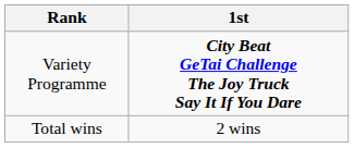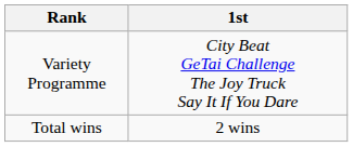 <table class="wikitable" border="1">
 <tr>
 <th width="110">Rank</th>
 <th width="200">1st</th>
 </tr>
 <tr align=center>
 <td>Variety Programme</td>
-<td><strong><em>City Beat</em><br> <em><a href='#'>GeTai Challenge</a></em> <br> <em>The Joy Truck</em> <br> <em>Say It If You Dare</em></strong></td>
+<td><em>City Beat</em><br> <em><a href='#'>GeTai Challenge</a></em> <br> <em>The Joy Truck</em> <br> <em>Say It If You Dare</em></td>
 </tr>
 <tr align=center>
 <td>Total wins</td>
 <td>2 wins</td>
 </tr>
 </table>
